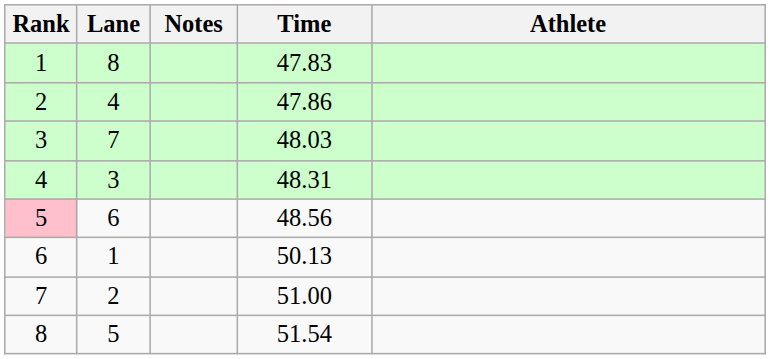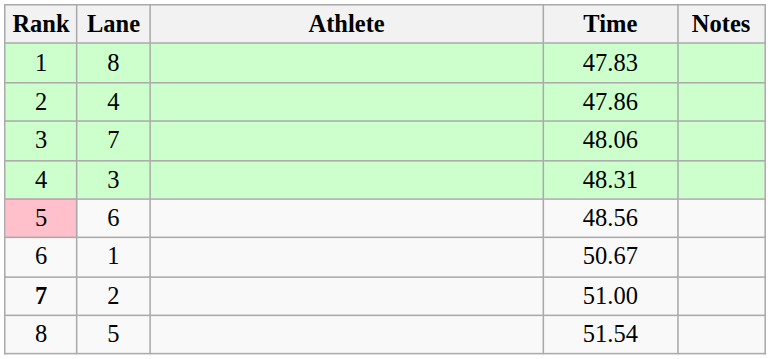 <table class="wikitable sortable" style="text-align:center">
 <tr>
 <th width=40>Rank</th>
 <th width=40>Lane</th>
+<th width=250>Athlete</th>
+<th width=80>Time</th>
 <th width=50>Notes</th>
-<th width=80>Time</th>
-<th width=250>Athlete</th>
 </tr>
 <tr bgcolor=ccffcc>
 <td>1</td>
 <td>8</td>
+<td align=left></td>
+<td>47.83</td>
 <td></td>
-<td>47.83</td>
-<td align=left></td>
 </tr>
 <tr bgcolor=ccffcc>
 <td>2</td>
 <td>4</td>
+<td align=left></td>
+<td>47.86</td>
 <td></td>
-<td>47.86</td>
-<td align=left></td>
 </tr>
 <tr bgcolor=ccffcc>
 <td>3</td>
 <td>7</td>
+<td align=left></td>
+<td>48.06</td>
 <td></td>
-<td>48.03</td>
-<td align=left></td>
 </tr>
 <tr bgcolor=ccffcc>
 <td>4</td>
 <td>3</td>
+<td align=left></td>
+<td>48.31</td>
 <td></td>
-<td>48.31</td>
-<td align=left></td>
 </tr>
 <tr>
 <td style="background: pink;">5</td>
 <td>6</td>
+<td align=left></td>
+<td>48.56</td>
 <td></td>
-<td>48.56</td>
-<td align=left></td>
 </tr>
 <tr>
 <td>6</td>
 <td>1</td>
+<td align=left></td>
+<td>50.67</td>
 <td></td>
-<td>50.13</td>
-<td align=left></td>
 </tr>
 <tr>
-<td>7</td>
+<td><strong>7</strong></td>
 <td>2</td>
+<td align=left></td>
+<td>51.00</td>
 <td></td>
-<td>51.00</td>
-<td align=left></td>
 </tr>
 <tr>
 <td>8</td>
 <td>5</td>
+<td align=left></td>
+<td>51.54</td>
 <td></td>
-<td>51.54</td>
-<td align=left></td>
 </tr>
 </table>
